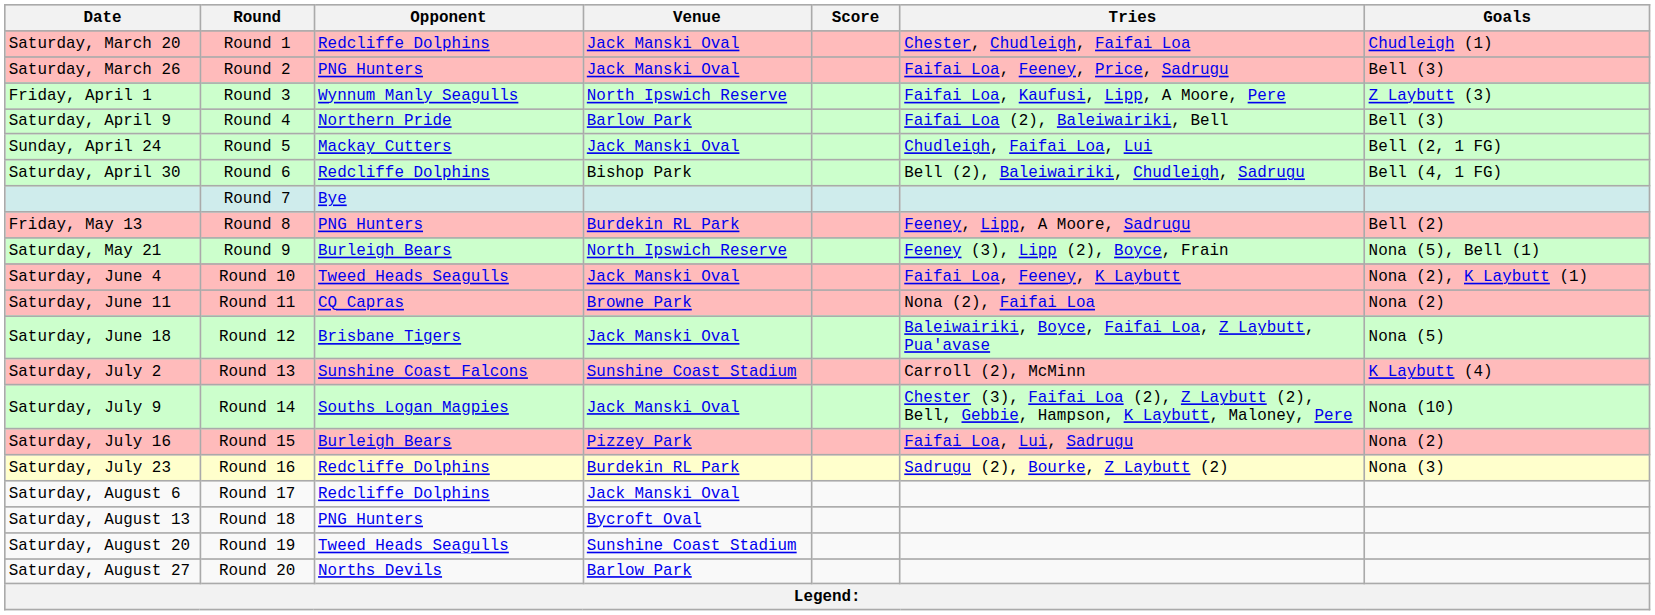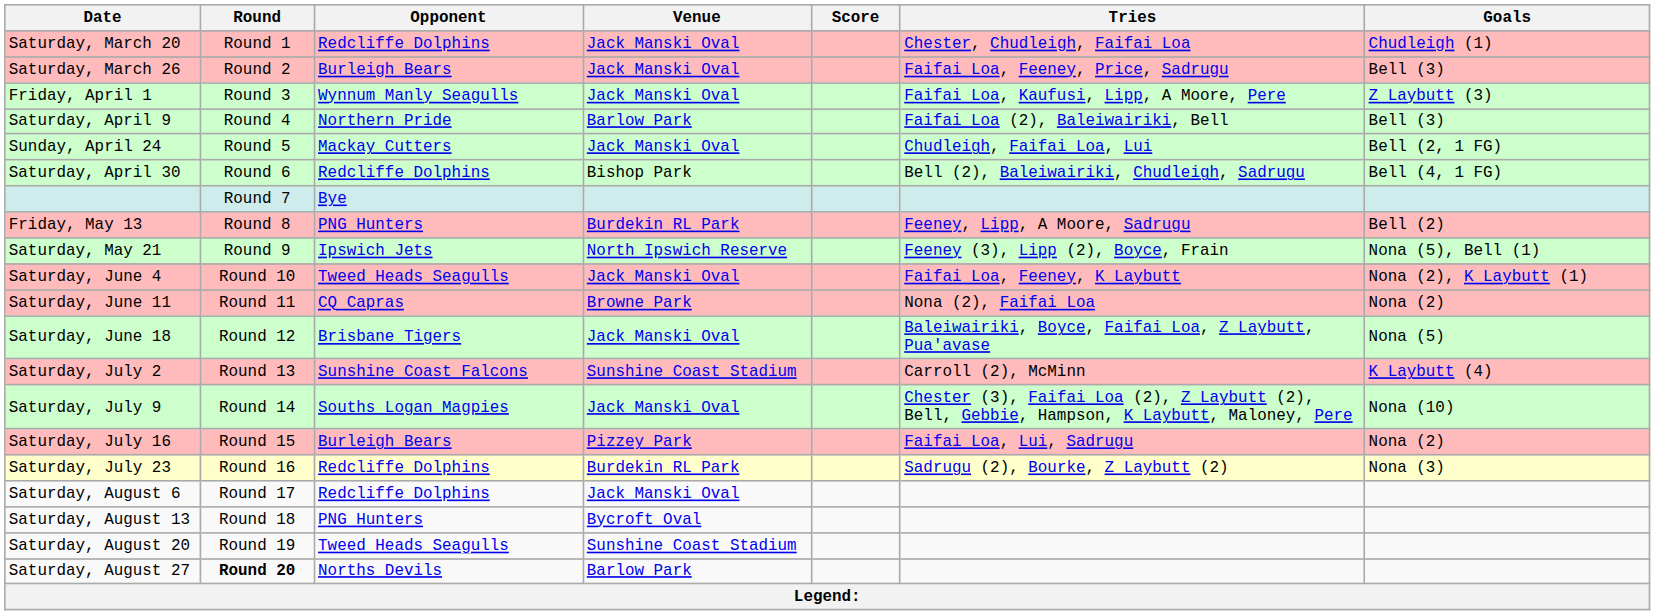 <table class="wikitable" style="font-size:75%;">
 <tr>
 <th style="width:115px;">Date</th>
 <th style="width:65px;">Round</th>
 <th style="width:160px;">Opponent</th>
 <th style="width:135px;">Venue</th>
 <th style="width:50px;">Score</th>
 <th style="width:280px;">Tries</th>
 <th style="width:170px;">Goals</th>
 </tr>
 <tr style="background:#FFBBBB">
 <td>Saturday, March 20</td>
 <td style="text-align:center;">Round 1</td>
 <td> <a href='#'>Redcliffe Dolphins</a></td>
 <td><a href='#'>Jack Manski Oval</a></td>
 <td style="text-align:center;"></td>
 <td><a href='#'>Chester</a>, <a href='#'>Chudleigh</a>, <a href='#'>Faifai Loa</a></td>
 <td><a href='#'>Chudleigh</a> (1)</td>
 </tr>
 <tr style="background:#FFBBBB">
 <td>Saturday, March 26</td>
 <td style="text-align:center;">Round 2</td>
-<td> <a href='#'>PNG Hunters</a></td>
+<td> <a href='#'>Burleigh Bears</a></td>
 <td><a href='#'>Jack Manski Oval</a></td>
 <td style="text-align:center;"></td>
 <td><a href='#'>Faifai Loa</a>, <a href='#'>Feeney</a>, <a href='#'>Price</a>, <a href='#'>Sadrugu</a></td>
 <td>Bell (3)</td>
 </tr>
 <tr style="background:#CCFFCC">
 <td>Friday, April 1</td>
 <td style="text-align:center;">Round 3</td>
 <td> <a href='#'>Wynnum Manly Seagulls</a></td>
-<td><a href='#'>North Ipswich Reserve</a></td>
+<td><a href='#'>Jack Manski Oval</a></td>
 <td style="text-align:center;"></td>
 <td><a href='#'>Faifai Loa</a>, <a href='#'>Kaufusi</a>, <a href='#'>Lipp</a>, A Moore, <a href='#'>Pere</a></td>
 <td><a href='#'>Z Laybutt</a> (3)</td>
 </tr>
 <tr style="background:#CCFFCC">
 <td>Saturday, April 9</td>
 <td style="text-align:center;">Round 4</td>
 <td> <a href='#'>Northern Pride</a></td>
 <td><a href='#'>Barlow Park</a></td>
 <td style="text-align:center;"></td>
 <td><a href='#'>Faifai Loa</a> (2), <a href='#'>Baleiwairiki</a>, Bell</td>
 <td>Bell (3)</td>
 </tr>
 <tr style="background:#CCFFCC">
 <td>Sunday, April 24</td>
 <td style="text-align:center;">Round 5</td>
 <td> <a href='#'>Mackay Cutters</a></td>
 <td><a href='#'>Jack Manski Oval</a></td>
 <td style="text-align:center;"></td>
 <td><a href='#'>Chudleigh</a>, <a href='#'>Faifai Loa</a>, <a href='#'>Lui</a></td>
 <td>Bell (2, 1 FG)</td>
 </tr>
 <tr style="background:#CCFFCC">
 <td>Saturday, April 30</td>
 <td style="text-align:center;">Round 6</td>
 <td> <a href='#'>Redcliffe Dolphins</a></td>
 <td>Bishop Park</td>
 <td style="text-align:center;"></td>
 <td>Bell (2), <a href='#'>Baleiwairiki</a>, <a href='#'>Chudleigh</a>, <a href='#'>Sadrugu</a></td>
 <td>Bell (4, 1 FG)</td>
 </tr>
 <tr style="background:#cfecec;">
 <td></td>
 <td style="text-align:center;">Round 7</td>
 <td><a href='#'>Bye</a></td>
 <td></td>
 <td></td>
 <td></td>
 <td></td>
 </tr>
 <tr style="background:#FFBBBB">
 <td>Friday, May 13</td>
 <td style="text-align:center;">Round 8</td>
 <td> <a href='#'>PNG Hunters</a></td>
 <td><a href='#'>Burdekin RL Park</a></td>
 <td style="text-align:center;"></td>
 <td><a href='#'>Feeney</a>, <a href='#'>Lipp</a>, A Moore, <a href='#'>Sadrugu</a></td>
 <td>Bell (2)</td>
 </tr>
 <tr style="background:#CCFFCC">
 <td>Saturday, May 21</td>
 <td style="text-align:center;">Round 9</td>
-<td> <a href='#'>Burleigh Bears</a></td>
+<td> <a href='#'>Ipswich Jets</a></td>
 <td><a href='#'>North Ipswich Reserve</a></td>
 <td style="text-align:center;"></td>
 <td><a href='#'>Feeney</a> (3), <a href='#'>Lipp</a> (2), <a href='#'>Boyce</a>, Frain</td>
 <td>Nona (5), Bell (1)</td>
 </tr>
 <tr style="background:#FFBBBB">
 <td>Saturday, June 4</td>
 <td style="text-align:center;">Round 10</td>
 <td> <a href='#'>Tweed Heads Seagulls</a></td>
 <td><a href='#'>Jack Manski Oval</a></td>
 <td style="text-align:center;"></td>
 <td><a href='#'>Faifai Loa</a>, <a href='#'>Feeney</a>, <a href='#'>K Laybutt</a></td>
 <td>Nona (2), <a href='#'>K Laybutt</a> (1)</td>
 </tr>
 <tr style="background:#FFBBBB">
 <td>Saturday, June 11</td>
 <td style="text-align:center;">Round 11</td>
 <td> <a href='#'>CQ Capras</a></td>
 <td><a href='#'>Browne Park</a></td>
 <td style="text-align:center;"></td>
 <td>Nona (2), <a href='#'>Faifai Loa</a></td>
 <td>Nona (2)</td>
 </tr>
 <tr style="background:#CCFFCC">
 <td>Saturday, June 18</td>
 <td style="text-align:center;">Round 12</td>
 <td> <a href='#'>Brisbane Tigers</a></td>
 <td><a href='#'>Jack Manski Oval</a></td>
 <td style="text-align:center;"></td>
 <td><a href='#'>Baleiwairiki</a>, <a href='#'>Boyce</a>, <a href='#'>Faifai Loa</a>, <a href='#'>Z Laybutt</a>, <a href='#'>Pua'avase</a></td>
 <td>Nona (5)</td>
 </tr>
 <tr style="background:#FFBBBB">
 <td>Saturday, July 2</td>
 <td style="text-align:center;">Round 13</td>
 <td> <a href='#'>Sunshine Coast Falcons</a></td>
 <td><a href='#'>Sunshine Coast Stadium</a></td>
 <td style="text-align:center;"></td>
 <td>Carroll (2), McMinn</td>
 <td><a href='#'>K Laybutt</a> (4)</td>
 </tr>
 <tr style="background:#CCFFCC">
 <td>Saturday, July 9</td>
 <td style="text-align:center;">Round 14</td>
 <td> <a href='#'>Souths Logan Magpies</a></td>
 <td><a href='#'>Jack Manski Oval</a></td>
 <td style="text-align:center;"></td>
 <td><a href='#'>Chester</a> (3), <a href='#'>Faifai Loa</a> (2), <a href='#'>Z Laybutt</a> (2), Bell, <a href='#'>Gebbie</a>, Hampson, <a href='#'>K Laybutt</a>, Maloney, <a href='#'>Pere</a></td>
 <td>Nona (10)</td>
 </tr>
 <tr style="background:#FFBBBB">
 <td>Saturday, July 16</td>
 <td style="text-align:center;">Round 15</td>
 <td> <a href='#'>Burleigh Bears</a></td>
 <td><a href='#'>Pizzey Park</a></td>
 <td style="text-align:center;"></td>
 <td><a href='#'>Faifai Loa</a>, <a href='#'>Lui</a>, <a href='#'>Sadrugu</a></td>
 <td>Nona (2)</td>
 </tr>
 <tr style="background:#FFFFCC">
 <td>Saturday, July 23</td>
 <td style="text-align:center;">Round 16</td>
 <td> <a href='#'>Redcliffe Dolphins</a></td>
 <td><a href='#'>Burdekin RL Park</a></td>
 <td style="text-align:center;"></td>
 <td><a href='#'>Sadrugu</a> (2), <a href='#'>Bourke</a>, <a href='#'>Z Laybutt</a> (2)</td>
 <td>Nona (3)</td>
 </tr>
 <tr>
 <td>Saturday, August 6</td>
 <td style="text-align:center;">Round 17</td>
 <td> <a href='#'>Redcliffe Dolphins</a></td>
 <td><a href='#'>Jack Manski Oval</a></td>
 <td style="text-align:center;"></td>
 <td></td>
 <td></td>
 </tr>
 <tr>
 <td>Saturday, August 13</td>
 <td style="text-align:center;">Round 18</td>
 <td> <a href='#'>PNG Hunters</a></td>
 <td><a href='#'>Bycroft Oval</a></td>
 <td style="text-align:center;"></td>
 <td></td>
 <td></td>
 </tr>
 <tr>
 <td>Saturday, August 20</td>
 <td style="text-align:center;">Round 19</td>
 <td> <a href='#'>Tweed Heads Seagulls</a></td>
 <td><a href='#'>Sunshine Coast Stadium</a></td>
 <td style="text-align:center;"></td>
 <td></td>
 <td></td>
 </tr>
 <tr>
 <td>Saturday, August 27</td>
-<td style="text-align:center;">Round 20</td>
+<td style="text-align:center;"><strong>Round 20</strong></td>
 <td> <a href='#'>Norths Devils</a></td>
 <td><a href='#'>Barlow Park</a></td>
 <td style="text-align:center;"></td>
 <td></td>
 <td></td>
 </tr>
 <tr>
 <th colspan="11"><strong>Legend</strong>:    </th>
 </tr>
 </table>
